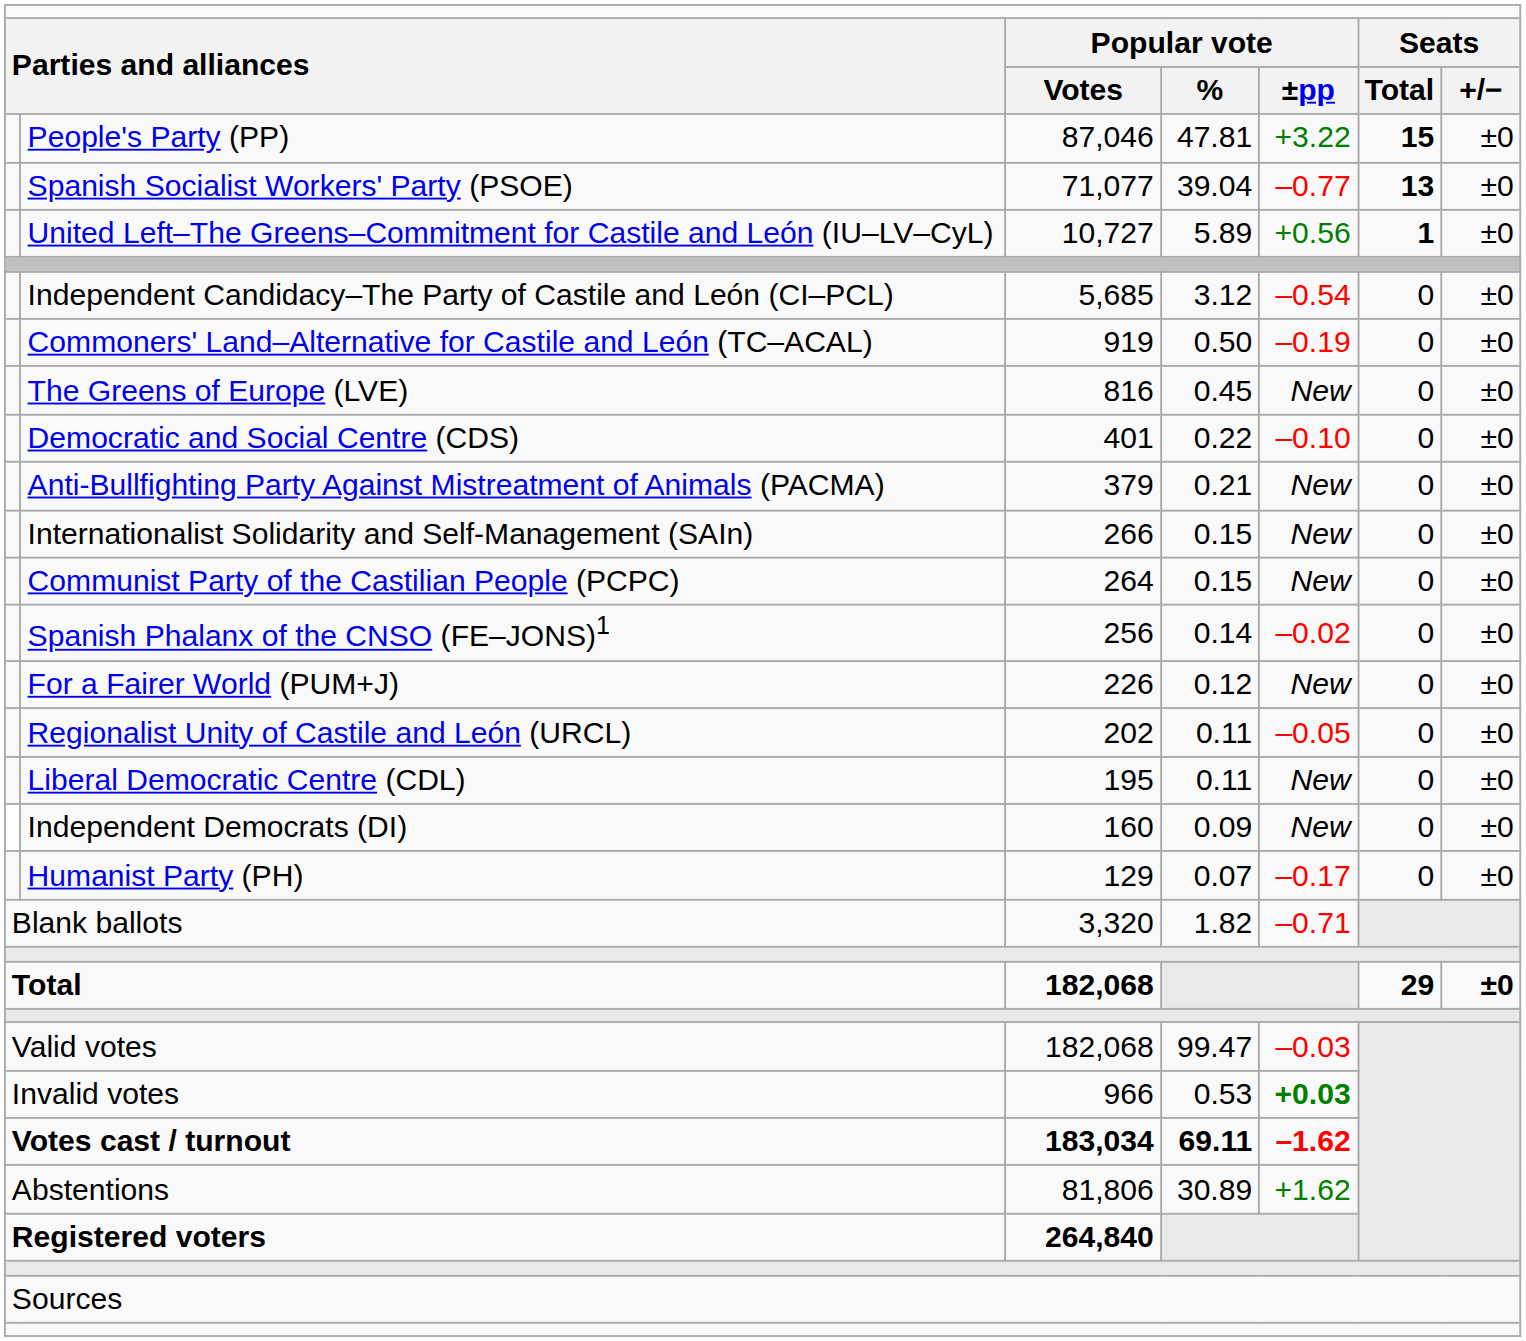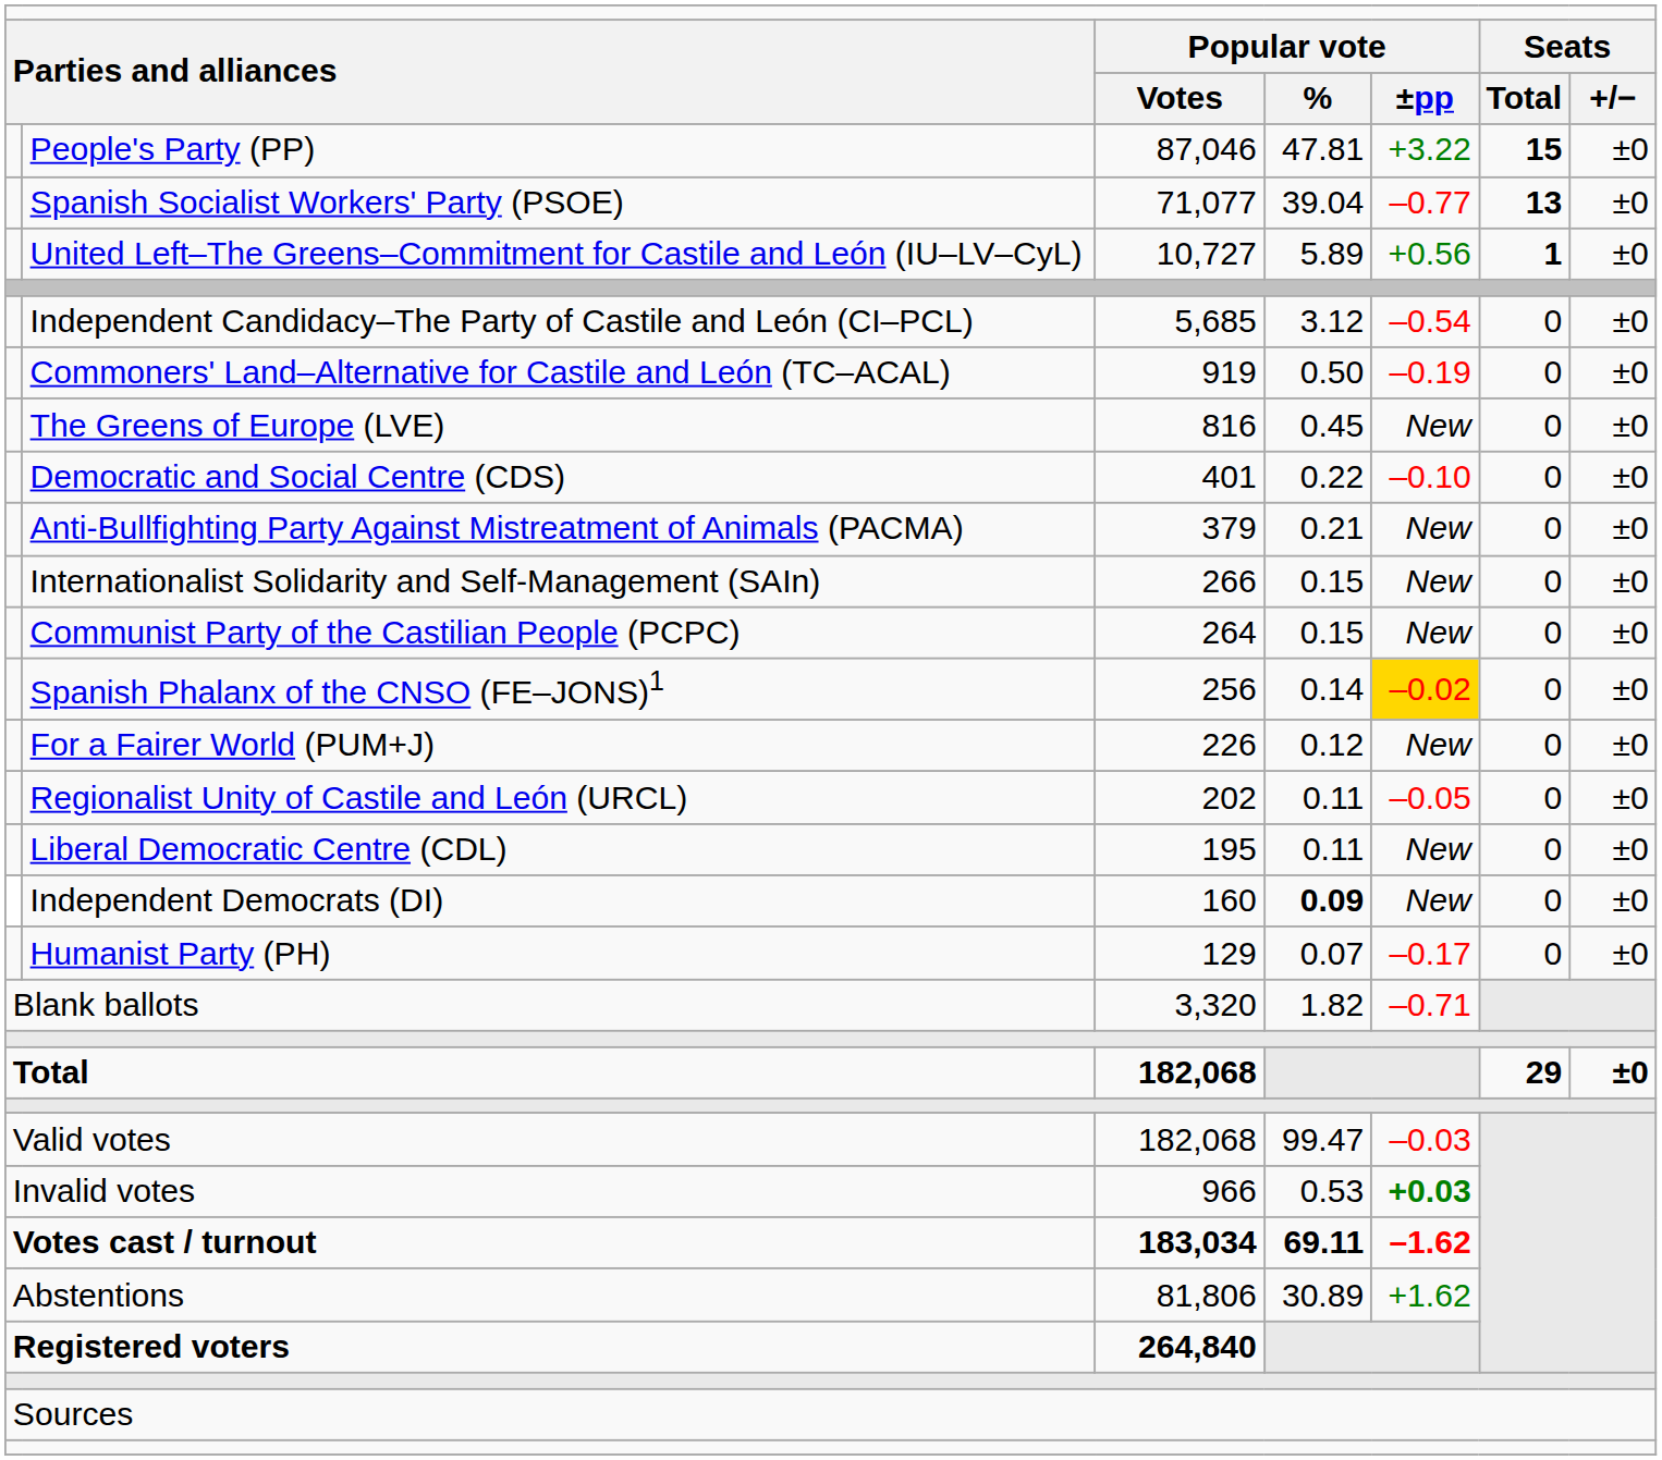 <table class="wikitable" style="text-align:right;">
 <tr>
 <td colspan="7"></td>
 </tr>
 <tr>
 <th style="text-align:left;" rowspan="2" colspan="2" width="525">Parties and alliances</th>
 <th colspan="3">Popular vote</th>
 <th colspan="2">Seats</th>
 </tr>
 <tr>
 <th width="75">Votes</th>
 <th width="45">%</th>
 <th width="45">±<a href='#'>pp</a></th>
 <th width="35">Total</th>
 <th width="35">+/−</th>
 </tr>
 <tr>
 <td width="1" style="color:inherit;background:"></td>
 <td align="left"><a href='#'>People's Party</a> (PP)</td>
 <td>87,046</td>
 <td>47.81</td>
 <td style="color:green;">+3.22</td>
 <td><strong>15</strong></td>
 <td>±0</td>
 </tr>
 <tr>
 <td style="color:inherit;background:"></td>
 <td align="left"><a href='#'>Spanish Socialist Workers' Party</a> (PSOE)</td>
 <td>71,077</td>
 <td>39.04</td>
 <td style="color:red;">–0.77</td>
 <td><strong>13</strong></td>
 <td>±0</td>
 </tr>
 <tr>
 <td style="color:inherit;background:"></td>
 <td align="left"><a href='#'>United Left–The Greens–Commitment for Castile and León</a> (IU–LV–CyL)</td>
 <td>10,727</td>
 <td>5.89</td>
 <td style="color:green;">+0.56</td>
 <td><strong>1</strong></td>
 <td>±0</td>
 </tr>
 <tr>
 <td colspan="7" bgcolor="#C0C0C0"></td>
 </tr>
 <tr>
 <td style="color:inherit;background:"></td>
 <td align="left">Independent Candidacy–The Party of Castile and León (CI–PCL)</td>
 <td>5,685</td>
 <td>3.12</td>
 <td style="color:red;">–0.54</td>
 <td>0</td>
 <td>±0</td>
 </tr>
 <tr>
 <td style="color:inherit;background:"></td>
 <td align="left"><a href='#'>Commoners' Land–Alternative for Castile and León</a> (TC–ACAL)</td>
 <td>919</td>
 <td>0.50</td>
 <td style="color:red;">–0.19</td>
 <td>0</td>
 <td>±0</td>
 </tr>
 <tr>
 <td style="color:inherit;background:"></td>
 <td align="left"><a href='#'>The Greens of Europe</a> (LVE)</td>
 <td>816</td>
 <td>0.45</td>
 <td><em>New</em></td>
 <td>0</td>
 <td>±0</td>
 </tr>
 <tr>
 <td style="color:inherit;background:"></td>
 <td align="left"><a href='#'>Democratic and Social Centre</a> (CDS)</td>
 <td>401</td>
 <td>0.22</td>
 <td style="color:red;">–0.10</td>
 <td>0</td>
 <td>±0</td>
 </tr>
 <tr>
 <td style="color:inherit;background:"></td>
 <td align="left"><a href='#'>Anti-Bullfighting Party Against Mistreatment of Animals</a> (PACMA)</td>
 <td>379</td>
 <td>0.21</td>
 <td><em>New</em></td>
 <td>0</td>
 <td>±0</td>
 </tr>
 <tr>
 <td style="color:inherit;background:"></td>
 <td align="left">Internationalist Solidarity and Self-Management (SAIn)</td>
 <td>266</td>
 <td>0.15</td>
 <td><em>New</em></td>
 <td>0</td>
 <td>±0</td>
 </tr>
 <tr>
 <td style="color:inherit;background:"></td>
 <td align="left"><a href='#'>Communist Party of the Castilian People</a> (PCPC)</td>
 <td>264</td>
 <td>0.15</td>
 <td><em>New</em></td>
 <td>0</td>
 <td>±0</td>
 </tr>
 <tr>
 <td style="color:inherit;background:"></td>
 <td align="left"><a href='#'>Spanish Phalanx of the CNSO</a> (FE–JONS)<sup>1</sup></td>
 <td>256</td>
 <td>0.14</td>
-<td style="color:red;">–0.02</td>
+<td style="background: gold; color:red;">–0.02</td>
 <td>0</td>
 <td>±0</td>
 </tr>
 <tr>
 <td style="color:inherit;background:"></td>
 <td align="left"><a href='#'>For a Fairer World</a> (PUM+J)</td>
 <td>226</td>
 <td>0.12</td>
 <td><em>New</em></td>
 <td>0</td>
 <td>±0</td>
 </tr>
 <tr>
 <td style="color:inherit;background:"></td>
 <td align="left"><a href='#'>Regionalist Unity of Castile and León</a> (URCL)</td>
 <td>202</td>
 <td>0.11</td>
 <td style="color:red;">–0.05</td>
 <td>0</td>
 <td>±0</td>
 </tr>
 <tr>
 <td style="color:inherit;background:"></td>
 <td align="left"><a href='#'>Liberal Democratic Centre</a> (CDL)</td>
 <td>195</td>
 <td>0.11</td>
 <td><em>New</em></td>
 <td>0</td>
 <td>±0</td>
 </tr>
 <tr>
 <td bgcolor="white"></td>
 <td align="left">Independent Democrats (DI)</td>
 <td>160</td>
-<td>0.09</td>
+<td><strong>0.09</strong></td>
 <td><em>New</em></td>
 <td>0</td>
 <td>±0</td>
 </tr>
 <tr>
 <td style="color:inherit;background:"></td>
 <td align="left"><a href='#'>Humanist Party</a> (PH)</td>
 <td>129</td>
 <td>0.07</td>
 <td style="color:red;">–0.17</td>
 <td>0</td>
 <td>±0</td>
 </tr>
 <tr>
 <td align="left" colspan="2">Blank ballots</td>
 <td>3,320</td>
 <td>1.82</td>
 <td style="color:red;">–0.71</td>
 <td bgcolor="#E9E9E9" colspan="2"></td>
 </tr>
 <tr>
 <td colspan="7" bgcolor="#E9E9E9"></td>
 </tr>
 <tr style="font-weight:bold;">
 <td align="left" colspan="2">Total</td>
 <td>182,068</td>
 <td bgcolor="#E9E9E9" colspan="2"></td>
 <td>29</td>
 <td>±0</td>
 </tr>
 <tr>
 <td colspan="7" bgcolor="#E9E9E9"></td>
 </tr>
 <tr>
 <td align="left" colspan="2">Valid votes</td>
 <td>182,068</td>
 <td>99.47</td>
 <td style="color:red;">–0.03</td>
 <td bgcolor="#E9E9E9" colspan="2" rowspan="5"></td>
 </tr>
 <tr>
 <td align="left" colspan="2">Invalid votes</td>
 <td>966</td>
 <td>0.53</td>
 <td style="color:green;"><strong>+0.03</strong></td>
 </tr>
 <tr style="font-weight:bold;">
 <td align="left" colspan="2">Votes cast / turnout</td>
 <td>183,034</td>
 <td>69.11</td>
 <td style="color:red;">–1.62</td>
 </tr>
 <tr>
 <td align="left" colspan="2">Abstentions</td>
 <td>81,806</td>
 <td>30.89</td>
 <td style="color:green;">+1.62</td>
 </tr>
 <tr style="font-weight:bold;">
 <td align="left" colspan="2">Registered voters</td>
 <td>264,840</td>
 <td bgcolor="#E9E9E9" colspan="2"></td>
 </tr>
 <tr>
 <td colspan="7" bgcolor="#E9E9E9"></td>
 </tr>
 <tr>
 <td align="left" colspan="7">Sources</td>
 </tr>
 <tr>
 <td colspan="7" style="text-align:left; max-width:790px;"></td>
 </tr>
 </table>
